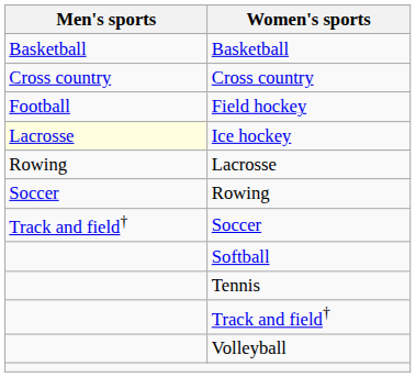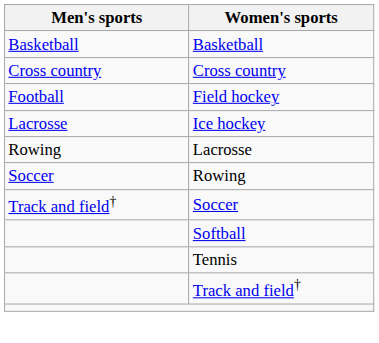 <table class="wikitable" style=" ">
 <tr>
 <th width=170px>Men's sports</th>
 <th width=170px>Women's sports</th>
 </tr>
 <tr>
 <td><a href='#'>Basketball</a></td>
 <td><a href='#'>Basketball</a></td>
 </tr>
 <tr>
 <td><a href='#'>Cross country</a></td>
 <td><a href='#'>Cross country</a></td>
 </tr>
 <tr>
 <td><a href='#'>Football</a></td>
 <td><a href='#'>Field hockey</a></td>
 </tr>
 <tr>
-<td style="background: lightyellow;"><a href='#'>Lacrosse</a></td>
+<td><a href='#'>Lacrosse</a></td>
 <td><a href='#'>Ice hockey</a></td>
 </tr>
 <tr>
 <td>Rowing</td>
 <td>Lacrosse</td>
 </tr>
 <tr>
 <td><a href='#'>Soccer</a></td>
 <td>Rowing</td>
 </tr>
 <tr>
 <td><a href='#'>Track and field</a><sup>†</sup></td>
 <td><a href='#'>Soccer</a></td>
 </tr>
 <tr>
 <td></td>
 <td><a href='#'>Softball</a></td>
 </tr>
 <tr>
 <td></td>
 <td>Tennis</td>
 </tr>
 <tr>
 <td></td>
 <td><a href='#'>Track and field</a><sup>†</sup></td>
 </tr>
 <tr>
-<td></td>
-<td>Volleyball</td>
-</tr>
-<tr>
 <td colspan="2"></td>
 </tr>
 </table>
